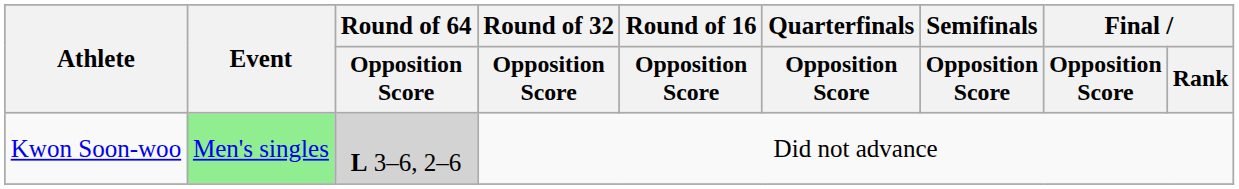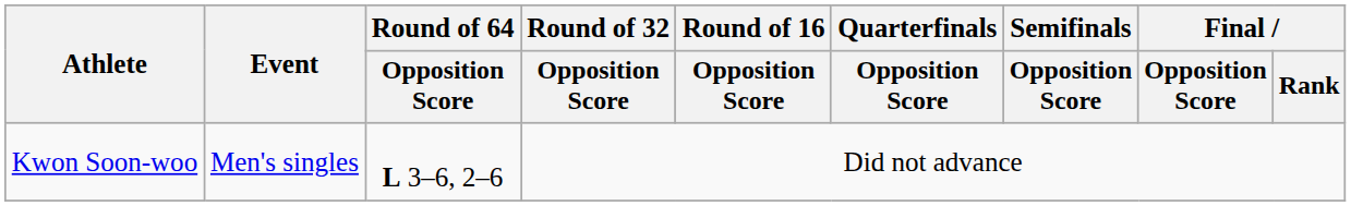 <table class=wikitable style="font-size:90%; text-align:center">
 <tr>
 <th rowspan="2">Athlete</th>
 <th rowspan="2">Event</th>
 <th>Round of 64</th>
 <th>Round of 32</th>
 <th>Round of 16</th>
 <th>Quarterfinals</th>
 <th>Semifinals</th>
 <th colspan="2">Final / </th>
 </tr>
 <tr style="font-size:95%">
 <th>Opposition<br>Score</th>
 <th>Opposition<br>Score</th>
 <th>Opposition<br>Score</th>
 <th>Opposition<br>Score</th>
 <th>Opposition<br>Score</th>
 <th>Opposition<br>Score</th>
 <th>Rank</th>
 </tr>
 <tr>
 <td style="text-align:left"><a href='#'>Kwon Soon-woo</a></td>
-<td style="background: lightgreen; text-align:left"><a href='#'>Men's singles</a></td>
-<td style="background: lightgrey;"><br><strong>L</strong> 3–6, 2–6</td>
+<td style="text-align:left"><a href='#'>Men's singles</a></td>
+<td><br><strong>L</strong> 3–6, 2–6</td>
 <td colspan="6">Did not advance</td>
 </tr>
 </table>
